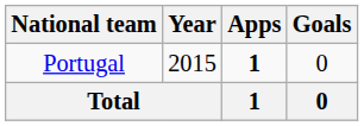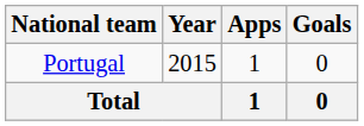 <table class=wikitable style="text-align: center;">
 <tr>
 <th>National team</th>
 <th>Year</th>
 <th>Apps</th>
 <th>Goals</th>
 </tr>
 <tr>
 <td><a href='#'>Portugal</a></td>
 <td>2015</td>
-<td><strong>1</strong></td>
+<td>1</td>
 <td>0</td>
 </tr>
 <tr>
 <th colspan=2>Total</th>
 <th>1</th>
 <th>0</th>
 </tr>
 </table>
